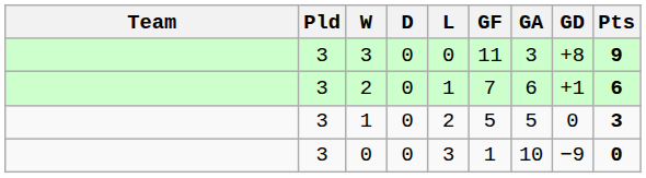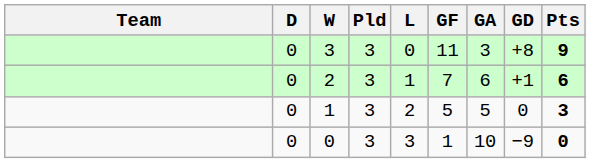 <table class="wikitable" style="text-align:center;">
 <tr>
 <th width=180>Team</th>
+<th width=20>D</th>
+<th width=20>W</th>
 <th width=20>Pld</th>
-<th width=20>W</th>
-<th width=20>D</th>
 <th width=20>L</th>
 <th width=20>GF</th>
 <th width=20>GA</th>
 <th width=20>GD</th>
 <th width=20>Pts</th>
 </tr>
 <tr bgcolor=#ccffcc>
 <td align="left"><em></em></td>
+<td>0</td>
 <td>3</td>
 <td>3</td>
-<td>0</td>
 <td>0</td>
 <td>11</td>
 <td>3</td>
 <td>+8</td>
 <td><strong>9</strong></td>
 </tr>
 <tr bgcolor=#ccffcc>
 <td align="left"></td>
+<td>0</td>
+<td>2</td>
 <td>3</td>
-<td>2</td>
-<td>0</td>
 <td>1</td>
 <td>7</td>
 <td>6</td>
 <td>+1</td>
 <td><strong>6</strong></td>
 </tr>
 <tr>
 <td align="left"></td>
+<td>0</td>
+<td>1</td>
 <td>3</td>
-<td>1</td>
-<td>0</td>
 <td>2</td>
 <td>5</td>
 <td>5</td>
 <td>0</td>
 <td><strong>3</strong></td>
 </tr>
 <tr>
 <td align="left"></td>
-<td>3</td>
 <td>0</td>
 <td>0</td>
+<td>3</td>
 <td>3</td>
 <td>1</td>
 <td>10</td>
 <td>−9</td>
 <td><strong>0</strong></td>
 </tr>
 </table>
